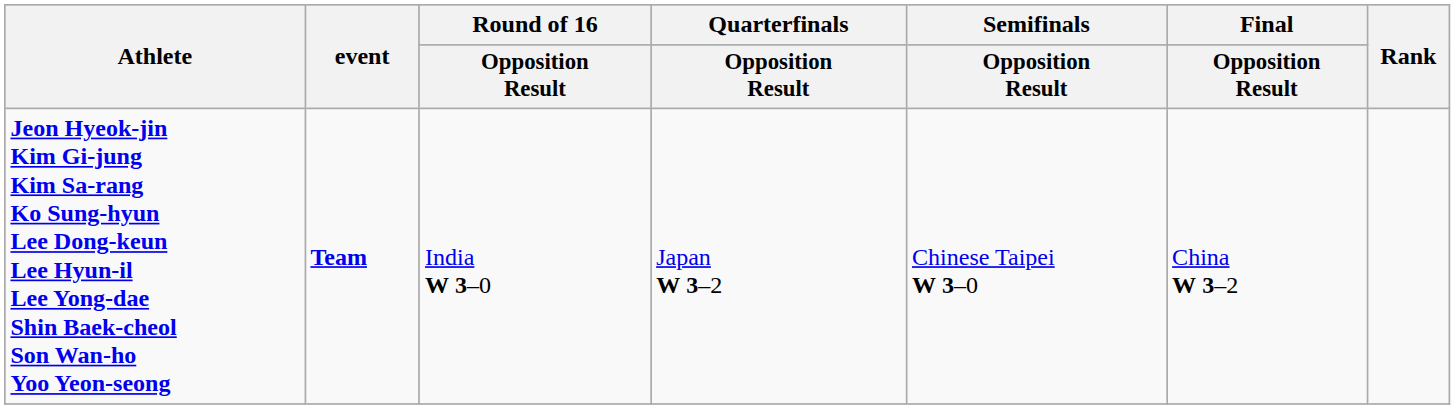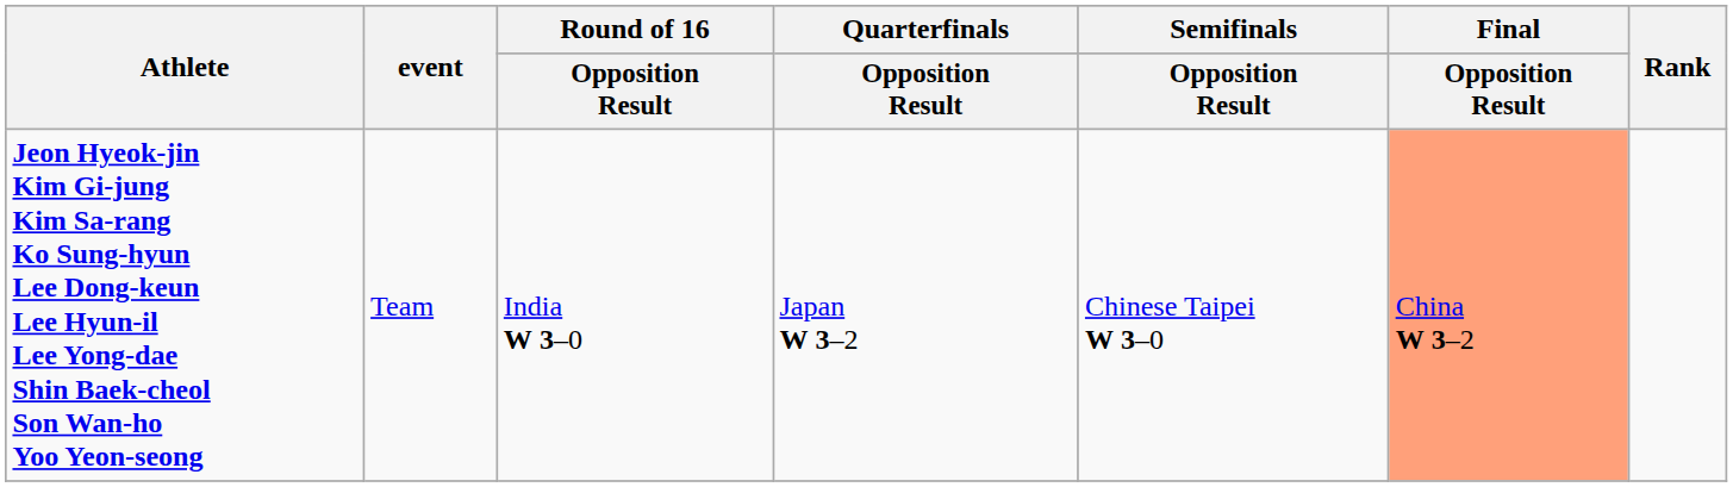 <table class="wikitable" width="98%" style="text-align:left; font-size:90%">
 <tr>
 <th rowspan=2>Athlete</th>
 <th rowspan=2>event</th>
 <th>Round of 16</th>
 <th>Quarterfinals</th>
 <th>Semifinals</th>
 <th>Final</th>
 <th rowspan=2 width="43px">Rank</th>
 </tr>
 <tr style="font-size:95%">
 <th>Opposition<br>Result</th>
 <th>Opposition<br>Result</th>
 <th>Opposition<br>Result</th>
 <th>Opposition<br>Result</th>
 </tr>
 <tr>
 <td><strong><a href='#'>Jeon Hyeok-jin</a><br><a href='#'>Kim Gi-jung</a><br><a href='#'>Kim Sa-rang</a><br><a href='#'>Ko Sung-hyun</a><br><a href='#'>Lee Dong-keun</a><br><a href='#'>Lee Hyun-il</a><br><a href='#'>Lee Yong-dae</a><br><a href='#'>Shin Baek-cheol</a><br><a href='#'>Son Wan-ho</a><br><a href='#'>Yoo Yeon-seong</a></strong></td>
-<td><strong><a href='#'>Team</a></strong></td>
+<td><a href='#'>Team</a></td>
 <td><br><a href='#'>India</a><br><strong>W</strong> <strong>3</strong>–0</td>
 <td><br><a href='#'>Japan</a><br><strong>W</strong> <strong>3</strong>–2</td>
 <td><br><a href='#'>Chinese Taipei</a><br><strong>W</strong> <strong>3</strong>–0</td>
-<td><br><a href='#'>China</a><br><strong>W</strong> <strong>3</strong>–2</td>
+<td style="background: lightsalmon;"><br><a href='#'>China</a><br><strong>W</strong> <strong>3</strong>–2</td>
 <td align=center></td>
 </tr>
 </table>
